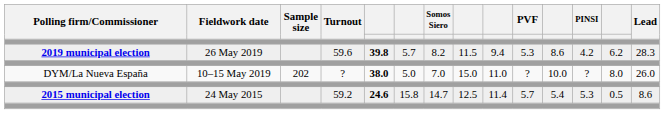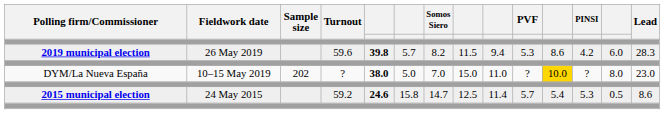 <table class="wikitable collapsible collapsed" style="text-align:center; font-size:95%; line-height:16px;">
 <tr style="height:42px;">
 <th style="width:250px;" rowspan="2">Polling firm/Commissioner</th>
 <th style="width:125px;" rowspan="2">Fieldwork date</th>
 <th style="width:50px;" rowspan="2">Sample size</th>
 <th style="width:45px;" rowspan="2">Turnout</th>
 <th style="width:35px;"></th>
 <th style="width:35px;"></th>
 <th style="width:35px; font-size:80%;">Somos<br>Siero</th>
 <th style="width:35px;"></th>
 <th style="width:35px;"></th>
 <th style="width:35px;">PVF</th>
 <th style="width:35px;"></th>
 <th style="width:35px; font-size:80%;">PINSI</th>
 <th style="width:35px;"></th>
 <th style="width:30px;" rowspan="2">Lead</th>
 </tr>
 <tr>
 <th style="color:inherit;background:"></th>
 <th style="color:inherit;background:"></th>
 <th style="color:inherit;background:"></th>
 <th style="color:inherit;background:"></th>
 <th style="color:inherit;background:"></th>
 <th style="color:inherit;background:"></th>
 <th style="color:inherit;background:"></th>
 <th style="color:inherit;background:"></th>
 <th style="color:inherit;background:"></th>
 </tr>
 <tr>
 <td colspan="14" style="background:#A0A0A0"></td>
 </tr>
 <tr style="background:#EFEFEF;">
 <td><strong><a href='#'>2019 municipal election</a></strong></td>
 <td>26 May 2019</td>
 <td></td>
 <td>59.6</td>
 <td><strong>39.8</strong><br></td>
 <td>5.7<br></td>
 <td>8.2<br></td>
 <td>11.5<br></td>
 <td>9.4<br></td>
 <td>5.3<br></td>
 <td>8.6<br></td>
 <td>4.2<br></td>
-<td>6.2<br></td>
+<td>6.0<br></td>
 <td style="background:">28.3</td>
 </tr>
 <tr>
 <td colspan="14" style="background:#A0A0A0"></td>
 </tr>
 <tr>
 <td>DYM/La Nueva España</td>
 <td>10–15 May 2019</td>
 <td>202</td>
 <td>?</td>
 <td><strong>38.0</strong><br></td>
 <td>5.0<br></td>
 <td>7.0<br></td>
 <td>15.0<br></td>
 <td>11.0<br></td>
 <td>?<br></td>
-<td>10.0<br></td>
+<td style="background: gold;">10.0<br></td>
 <td>?<br></td>
 <td>8.0<br></td>
-<td style="background:">26.0</td>
+<td style="background:">23.0</td>
 </tr>
 <tr>
 <td colspan="14" style="background:#A0A0A0"></td>
 </tr>
 <tr style="background:#EFEFEF;">
 <td><strong><a href='#'>2015 municipal election</a></strong></td>
 <td>24 May 2015</td>
 <td></td>
 <td>59.2</td>
 <td><strong>24.6</strong><br></td>
 <td>15.8<br></td>
 <td>14.7<br></td>
 <td>12.5<br></td>
 <td>11.4<br></td>
 <td>5.7<br></td>
 <td>5.4<br></td>
 <td>5.3<br></td>
 <td>0.5<br></td>
 <td style="background:">8.6</td>
 </tr>
 <tr>
 <td colspan="14" style="background:#A0A0A0"></td>
 </tr>
 </table>
